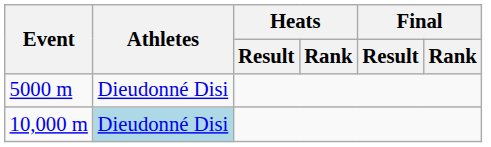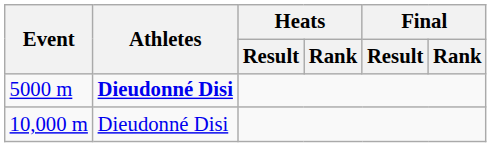 <table class="wikitable" border="1" style="font-size:90%">
 <tr>
 <th rowspan="2">Event</th>
 <th rowspan="2">Athletes</th>
 <th colspan="2">Heats</th>
 <th colspan="2">Final</th>
 </tr>
 <tr>
 <th>Result</th>
 <th>Rank</th>
 <th>Result</th>
 <th>Rank</th>
 </tr>
 <tr>
 <td><a href='#'>5000 m</a></td>
-<td><a href='#'>Dieudonné Disi</a></td>
+<td><strong><a href='#'>Dieudonné Disi</a></strong></td>
 <td align=center colspan=6></td>
 </tr>
 <tr>
 <td><a href='#'>10,000 m</a></td>
-<td style="background: lightblue;"><a href='#'>Dieudonné Disi</a></td>
+<td><a href='#'>Dieudonné Disi</a></td>
 <td align=center colspan=6></td>
 </tr>
 </table>
